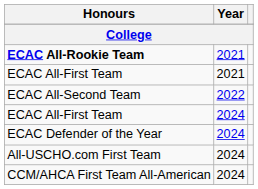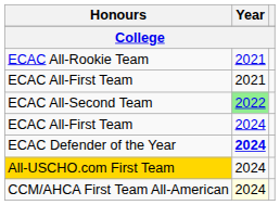 <table class="wikitable">
 <tr>
 <th>Honours</th>
 <th>Year</th>
 <th></th>
 </tr>
 <tr>
 </tr>
 <tr>
 <th colspan="3"><a href='#'>College</a></th>
 </tr>
 <tr>
-<td><strong><a href='#'>ECAC</a> All-Rookie Team</strong></td>
+<td><a href='#'>ECAC</a> All-Rookie Team</td>
 <td><a href='#'>2021</a></td>
 <td></td>
 </tr>
 <tr>
 <td>ECAC All-First Team</td>
 <td>2021</td>
 <td></td>
 </tr>
 <tr>
 <td>ECAC All-Second Team</td>
-<td><a href='#'>2022</a></td>
+<td style="background: lightgreen;"><a href='#'>2022</a></td>
 <td></td>
 </tr>
 <tr>
 <td>ECAC All-First Team</td>
 <td><a href='#'>2024</a></td>
 <td></td>
 </tr>
 <tr>
 <td>ECAC Defender of the Year</td>
-<td><a href='#'>2024</a></td>
+<td><strong><a href='#'>2024</a></strong></td>
 <td></td>
 </tr>
 <tr>
-<td>All-USCHO.com First Team</td>
+<td style="background: gold;">All-USCHO.com First Team</td>
 <td>2024</td>
 <td></td>
 </tr>
 <tr>
 <td>CCM/AHCA First Team All-American</td>
-<td>2024</td>
+<td style="background: lightyellow;">2024</td>
 <td></td>
 </tr>
 </table>
